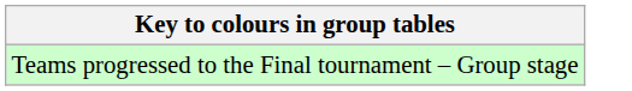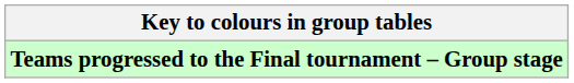 <table class="wikitable">
 <tr>
 <th>Key to colours in group tables</th>
 </tr>
 <tr bgcolor=#ccffcc>
-<td>Teams progressed to the Final tournament – Group stage</td>
+<td><strong>Teams progressed to the Final tournament – Group stage</strong></td>
 </tr>
 </table>
